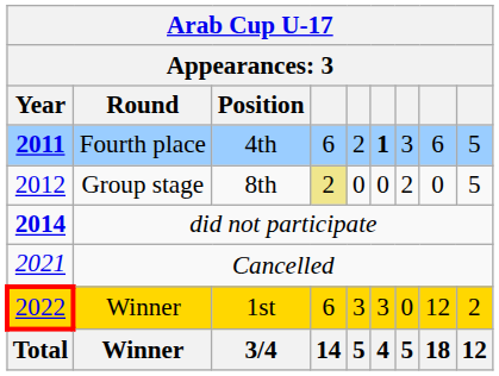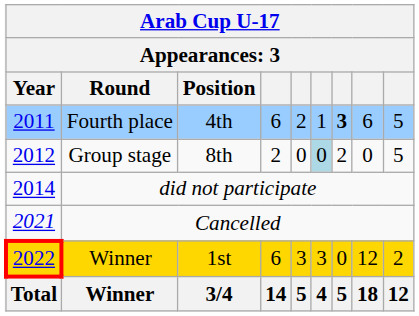 <table class="wikitable" style="text-align: center;">
 <tr>
 <th colspan=9><a href='#'>Arab Cup U-17</a></th>
 </tr>
 <tr>
 <th colspan=9>Appearances: 3</th>
 </tr>
 <tr>
 <th>Year</th>
 <th>Round</th>
 <th>Position</th>
 <th></th>
 <th></th>
 <th></th>
 <th></th>
 <th></th>
 <th></th>
 </tr>
 <tr bgcolor=#9acdff>
-<td><strong> <a href='#'>2011</a></strong></td>
+<td> <a href='#'>2011</a></td>
 <td>Fourth place</td>
 <td>4th</td>
 <td>6</td>
 <td>2</td>
-<td><strong>1</strong></td>
-<td>3</td>
+<td>1</td>
+<td><strong>3</strong></td>
 <td>6</td>
 <td>5</td>
 </tr>
 <tr>
 <td> <a href='#'>2012</a></td>
 <td>Group stage</td>
 <td>8th</td>
-<td style="background: khaki;">2</td>
+<td>2</td>
 <td>0</td>
-<td>0</td>
+<td style="background: lightblue;">0</td>
 <td>2</td>
 <td>0</td>
 <td>5</td>
 </tr>
 <tr>
-<td><strong> <a href='#'>2014</a></strong></td>
+<td> <a href='#'>2014</a></td>
 <td colspan=8><em>did not participate</em></td>
 </tr>
 <tr>
 <td> <em><a href='#'>2021</a></em></td>
 <td colspan=8><em>Cancelled</em></td>
 </tr>
 <tr bgcolor=gold>
 <td style="border: 3px solid red"> <a href='#'>2022</a></td>
 <td>Winner</td>
 <td>1st</td>
 <td>6</td>
 <td>3</td>
 <td>3</td>
 <td>0</td>
 <td>12</td>
 <td>2</td>
 </tr>
 <tr>
 <th>Total</th>
 <th>Winner</th>
 <th>3/4</th>
 <th>14</th>
 <th>5</th>
 <th>4</th>
 <th>5</th>
 <th>18</th>
 <th>12</th>
 </tr>
 </table>
